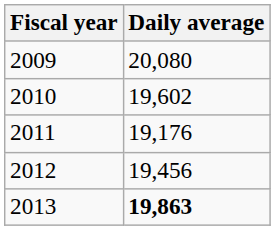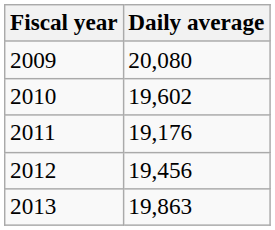 <table class="wikitable">
 <tr>
 <th>Fiscal year</th>
 <th>Daily average</th>
 </tr>
 <tr>
 <td>2009</td>
 <td>20,080</td>
 </tr>
 <tr>
 <td>2010</td>
 <td>19,602</td>
 </tr>
 <tr>
 <td>2011</td>
 <td>19,176</td>
 </tr>
 <tr>
 <td>2012</td>
 <td>19,456</td>
 </tr>
 <tr>
 <td>2013</td>
-<td><strong>19,863</strong></td>
+<td>19,863</td>
 </tr>
 </table>
